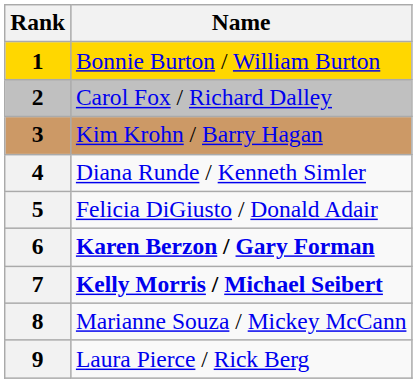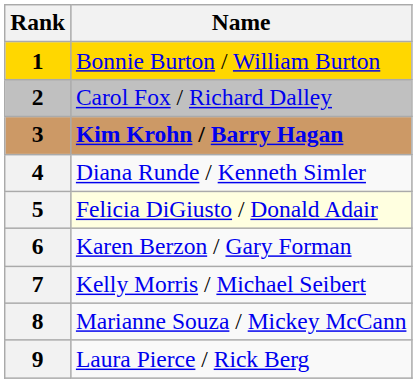 <table class="wikitable">
 <tr>
 <th>Rank</th>
 <th>Name</th>
 </tr>
 <tr bgcolor="gold">
 <td align="center"><strong>1</strong></td>
 <td><a href='#'>Bonnie Burton</a> / <a href='#'>William Burton</a></td>
 </tr>
 <tr bgcolor="silver">
 <td align="center"><strong>2</strong></td>
 <td><a href='#'>Carol Fox</a> / <a href='#'>Richard Dalley</a></td>
 </tr>
 <tr bgcolor="cc9966">
 <td align="center"><strong>3</strong></td>
-<td><a href='#'>Kim Krohn</a> / <a href='#'>Barry Hagan</a></td>
+<td><strong><a href='#'>Kim Krohn</a> / <a href='#'>Barry Hagan</a></strong></td>
 </tr>
 <tr>
 <th>4</th>
 <td><a href='#'>Diana Runde</a> / <a href='#'>Kenneth Simler</a></td>
 </tr>
 <tr>
 <th>5</th>
-<td><a href='#'>Felicia DiGiusto</a> / <a href='#'>Donald Adair</a></td>
+<td style="background: lightyellow;"><a href='#'>Felicia DiGiusto</a> / <a href='#'>Donald Adair</a></td>
 </tr>
 <tr>
 <th>6</th>
-<td><strong><a href='#'>Karen Berzon</a> / <a href='#'>Gary Forman</a></strong></td>
+<td><a href='#'>Karen Berzon</a> / <a href='#'>Gary Forman</a></td>
 </tr>
 <tr>
 <th>7</th>
-<td><strong><a href='#'>Kelly Morris</a> / <a href='#'>Michael Seibert</a></strong></td>
+<td><a href='#'>Kelly Morris</a> / <a href='#'>Michael Seibert</a></td>
 </tr>
 <tr>
 <th>8</th>
 <td><a href='#'>Marianne Souza</a> / <a href='#'>Mickey McCann</a></td>
 </tr>
 <tr>
 <th>9</th>
 <td><a href='#'>Laura Pierce</a> / <a href='#'>Rick Berg</a></td>
 </tr>
 </table>
